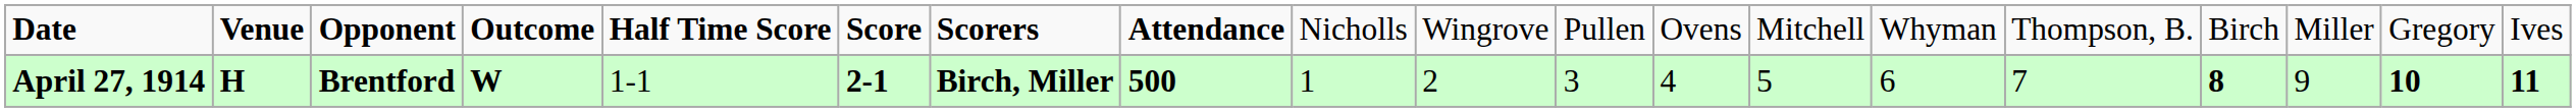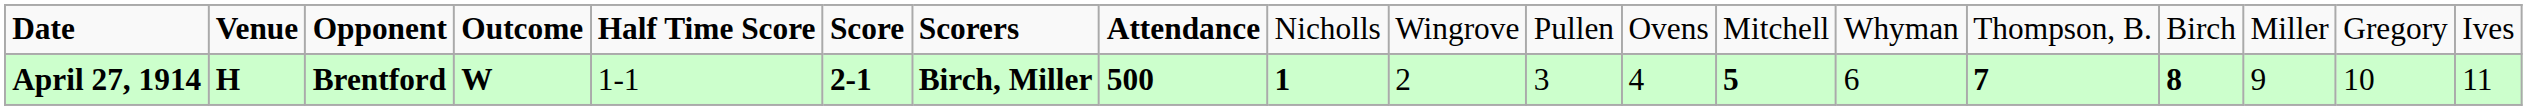 <table class="wikitable">
 <tr>
 <td><strong>Date</strong></td>
 <td><strong>Venue</strong></td>
 <td><strong>Opponent</strong></td>
 <td><strong>Outcome</strong></td>
 <td><strong>Half Time Score</strong></td>
 <td><strong>Score</strong></td>
 <td><strong>Scorers</strong></td>
 <td><strong>Attendance</strong></td>
 <td>Nicholls</td>
 <td>Wingrove</td>
 <td>Pullen</td>
 <td>Ovens</td>
 <td>Mitchell</td>
 <td>Whyman</td>
 <td>Thompson, B.</td>
 <td>Birch</td>
 <td>Miller</td>
 <td>Gregory</td>
 <td>Ives</td>
 </tr>
 <tr bgcolor="#CCFFCC">
 <td><strong>April 27, 1914</strong></td>
 <td><strong>H</strong></td>
 <td><strong>Brentford</strong></td>
 <td><strong>W</strong></td>
 <td>1-1</td>
 <td><strong>2-1</strong></td>
 <td><strong>Birch, Miller</strong></td>
 <td><strong>500</strong></td>
-<td>1</td>
+<td><strong>1</strong></td>
 <td>2</td>
 <td>3</td>
 <td>4</td>
-<td>5</td>
+<td><strong>5</strong></td>
 <td>6</td>
-<td>7</td>
+<td><strong>7</strong></td>
 <td><strong>8</strong></td>
 <td>9</td>
-<td><strong>10</strong></td>
-<td><strong>11</strong></td>
+<td>10</td>
+<td>11</td>
 </tr>
 </table>
